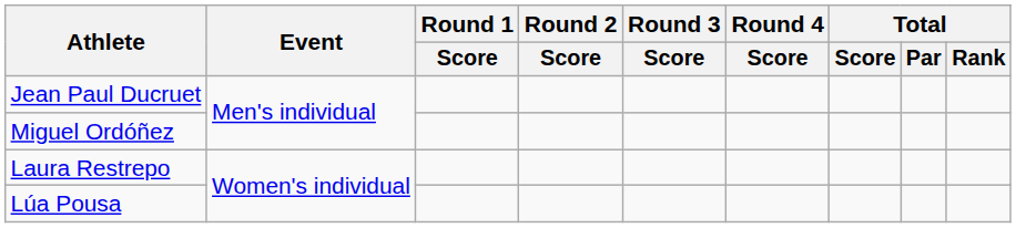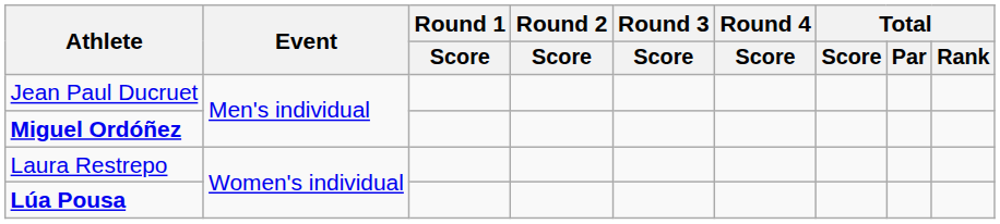 <table class=wikitable style=font-size:90%;text-align:center>
 <tr>
 <th rowspan=2>Athlete</th>
 <th rowspan=2>Event</th>
 <th>Round 1</th>
 <th>Round 2</th>
 <th>Round 3</th>
 <th>Round 4</th>
 <th colspan=3>Total</th>
 </tr>
 <tr style=font-size:95%>
 <th>Score</th>
 <th>Score</th>
 <th>Score</th>
 <th>Score</th>
 <th>Score</th>
 <th>Par</th>
 <th>Rank</th>
 </tr>
 <tr>
 <td align=left><a href='#'>Jean Paul Ducruet</a></td>
 <td align=left rowspan=2><a href='#'>Men's individual</a></td>
 <td></td>
 <td></td>
 <td></td>
 <td></td>
 <td></td>
 <td></td>
 <td></td>
 </tr>
 <tr>
-<td align=left><a href='#'>Miguel Ordóñez</a></td>
+<td align=left><strong><a href='#'>Miguel Ordóñez</a></strong></td>
 <td></td>
 <td></td>
 <td></td>
 <td></td>
 <td></td>
 <td></td>
 <td></td>
 </tr>
 <tr>
 <td align=left><a href='#'>Laura Restrepo</a></td>
 <td align=left rowspan=2><a href='#'>Women's individual</a></td>
 <td></td>
 <td></td>
 <td></td>
 <td></td>
 <td></td>
 <td></td>
 <td></td>
 </tr>
 <tr>
-<td align=left><a href='#'>Lúa Pousa</a></td>
+<td align=left><strong><a href='#'>Lúa Pousa</a></strong></td>
 <td></td>
 <td></td>
 <td></td>
 <td></td>
 <td></td>
 <td></td>
 <td></td>
 </tr>
 </table>
